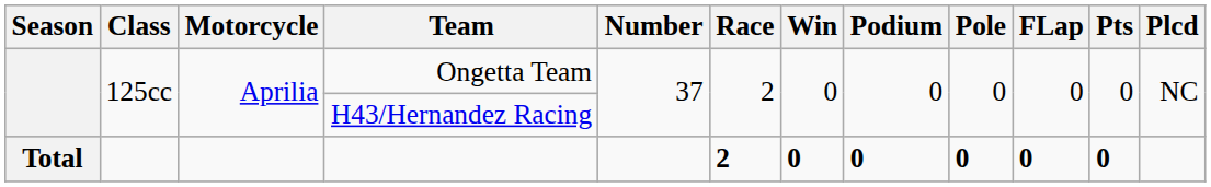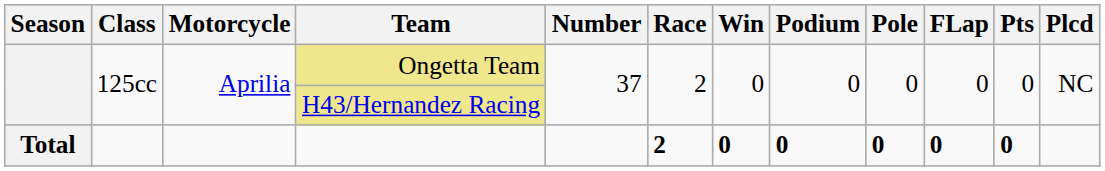 <table class="wikitable">
 <tr>
 <th>Season</th>
 <th>Class</th>
 <th>Motorcycle</th>
 <th>Team</th>
 <th>Number</th>
 <th>Race</th>
 <th>Win</th>
 <th>Podium</th>
 <th>Pole</th>
 <th>FLap</th>
 <th>Pts</th>
 <th>Plcd</th>
 </tr>
 <tr align="right">
 <th rowspan=2></th>
 <td rowspan=2>125cc</td>
 <td rowspan=2><a href='#'>Aprilia</a></td>
-<td>Ongetta Team</td>
+<td style="background: khaki;">Ongetta Team</td>
 <td rowspan=2>37</td>
 <td rowspan=2>2</td>
 <td rowspan=2>0</td>
 <td rowspan=2>0</td>
 <td rowspan=2>0</td>
 <td rowspan=2>0</td>
 <td rowspan=2>0</td>
 <td rowspan=2>NC</td>
 </tr>
 <tr align="right">
-<td><a href='#'>H43/Hernandez Racing</a></td>
+<td style="background: khaki;"><a href='#'>H43/Hernandez Racing</a></td>
 </tr>
 <tr align"right">
 <th>Total</th>
 <td></td>
 <td></td>
 <td></td>
 <td></td>
 <td><strong>2</strong></td>
 <td><strong>0</strong></td>
 <td><strong>0</strong></td>
 <td><strong>0</strong></td>
 <td><strong>0</strong></td>
 <td><strong>0</strong></td>
 <td></td>
 </tr>
 </table>
